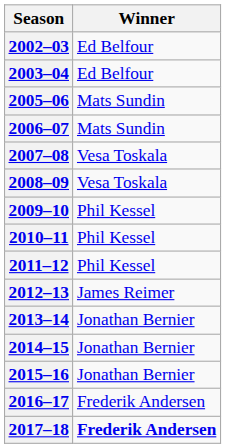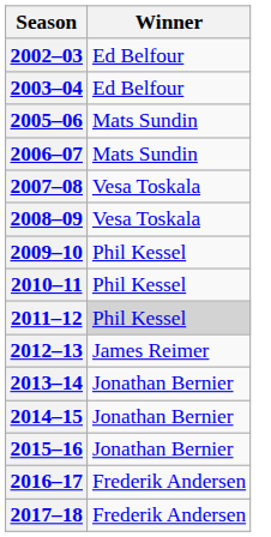 <table class="wikitable" style="float:left;">
 <tr>
 <th scope="col">Season</th>
 <th scope="col">Winner</th>
 </tr>
 <tr>
 <th scope="row"><a href='#'>2002–03</a></th>
 <td><a href='#'>Ed Belfour</a></td>
 </tr>
 <tr>
 <th scope="row"><a href='#'>2003–04</a></th>
 <td><a href='#'>Ed Belfour</a></td>
 </tr>
 <tr>
 <th scope="row"><a href='#'>2005–06</a></th>
 <td><a href='#'>Mats Sundin</a></td>
 </tr>
 <tr>
 <th scope="row"><a href='#'>2006–07</a></th>
 <td><a href='#'>Mats Sundin</a></td>
 </tr>
 <tr>
 <th scope="row"><a href='#'>2007–08</a></th>
 <td><a href='#'>Vesa Toskala</a></td>
 </tr>
 <tr>
 <th scope="row"><a href='#'>2008–09</a></th>
 <td><a href='#'>Vesa Toskala</a></td>
 </tr>
 <tr>
 <th scope="row"><a href='#'>2009–10</a></th>
 <td><a href='#'>Phil Kessel</a></td>
 </tr>
 <tr>
 <th scope="row"><a href='#'>2010–11</a></th>
 <td><a href='#'>Phil Kessel</a></td>
 </tr>
 <tr>
 <th scope="row"><a href='#'>2011–12</a></th>
-<td><a href='#'>Phil Kessel</a></td>
+<td style="background: lightgrey;"><a href='#'>Phil Kessel</a></td>
 </tr>
 <tr>
 <th scope="row"><a href='#'>2012–13</a></th>
 <td><a href='#'>James Reimer</a></td>
 </tr>
 <tr>
 <th scope="row"><a href='#'>2013–14</a></th>
 <td><a href='#'>Jonathan Bernier</a></td>
 </tr>
 <tr>
 <th scope="row"><a href='#'>2014–15</a></th>
 <td><a href='#'>Jonathan Bernier</a></td>
 </tr>
 <tr>
 <th scope="row"><a href='#'>2015–16</a></th>
 <td><a href='#'>Jonathan Bernier</a></td>
 </tr>
 <tr>
 <th scope="row"><a href='#'>2016–17</a></th>
 <td><a href='#'>Frederik Andersen</a></td>
 </tr>
 <tr>
 <th scope="row"><a href='#'>2017–18</a></th>
-<td><strong><a href='#'>Frederik Andersen</a></strong></td>
+<td><a href='#'>Frederik Andersen</a></td>
 </tr>
 </table>
